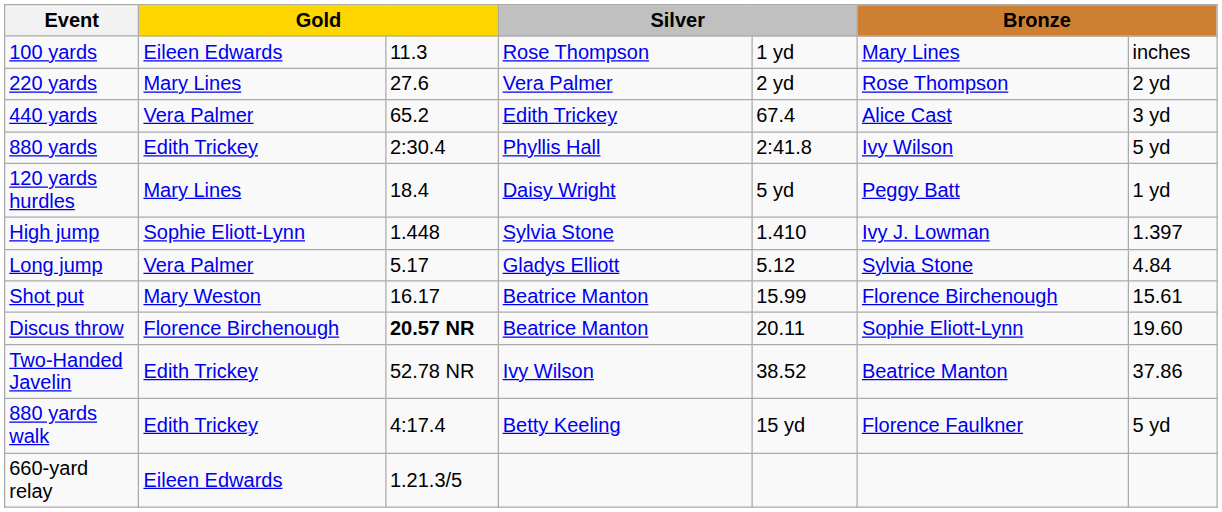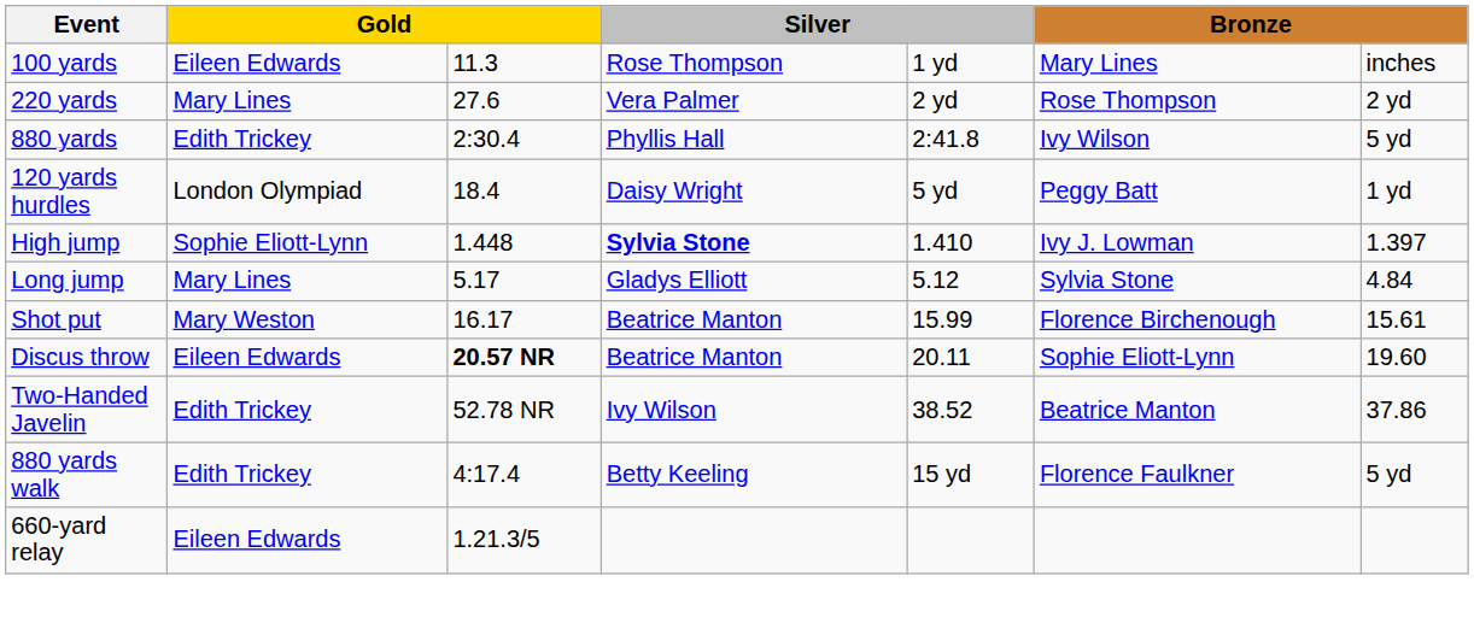 <table class="wikitable" style="text-align:left">
 <tr>
 <th width=100>Event</th>
 <th colspan="2" width="280" style="background:gold;">Gold</th>
 <th colspan="2" width="280" style="background:silver;">Silver</th>
 <th colspan="2" width="280" style="background:#CD7F32;">Bronze</th>
 </tr>
 <tr>
 <td><a href='#'>100 yards</a></td>
 <td><a href='#'>Eileen Edwards</a></td>
 <td>11.3</td>
 <td><a href='#'>Rose Thompson</a></td>
 <td>1 yd</td>
 <td><a href='#'>Mary Lines</a></td>
 <td>inches</td>
 </tr>
 <tr>
 <td><a href='#'>220 yards</a></td>
 <td><a href='#'>Mary Lines</a></td>
 <td>27.6</td>
 <td><a href='#'>Vera Palmer</a></td>
 <td>2 yd</td>
 <td><a href='#'>Rose Thompson</a></td>
 <td>2 yd</td>
 </tr>
 <tr>
-<td><a href='#'>440 yards</a></td>
-<td><a href='#'>Vera Palmer</a></td>
-<td>65.2</td>
-<td><a href='#'>Edith Trickey</a></td>
-<td>67.4</td>
-<td><a href='#'>Alice Cast</a></td>
-<td>3 yd</td>
-</tr>
-<tr>
 <td><a href='#'>880 yards</a></td>
 <td><a href='#'>Edith Trickey</a></td>
 <td>2:30.4</td>
 <td><a href='#'>Phyllis Hall</a></td>
 <td>2:41.8</td>
 <td><a href='#'>Ivy Wilson</a></td>
 <td>5 yd</td>
 </tr>
 <tr>
 <td><a href='#'>120 yards hurdles</a></td>
-<td><a href='#'>Mary Lines</a></td>
+<td>London Olympiad</td>
 <td>18.4</td>
 <td><a href='#'>Daisy Wright</a></td>
 <td>5 yd</td>
 <td><a href='#'>Peggy Batt</a></td>
 <td>1 yd</td>
 </tr>
 <tr>
 <td><a href='#'>High jump</a></td>
 <td><a href='#'>Sophie Eliott-Lynn</a></td>
 <td>1.448</td>
-<td><a href='#'>Sylvia Stone</a></td>
+<td><strong><a href='#'>Sylvia Stone</a></strong></td>
 <td>1.410</td>
 <td><a href='#'>Ivy J. Lowman</a></td>
 <td>1.397</td>
 </tr>
 <tr>
 <td><a href='#'>Long jump</a></td>
-<td><a href='#'>Vera Palmer</a></td>
+<td><a href='#'>Mary Lines</a></td>
 <td>5.17</td>
 <td><a href='#'>Gladys Elliott</a></td>
 <td>5.12</td>
 <td><a href='#'>Sylvia Stone</a></td>
 <td>4.84</td>
 </tr>
 <tr>
 <td><a href='#'>Shot put</a></td>
 <td><a href='#'>Mary Weston</a></td>
 <td>16.17</td>
 <td><a href='#'>Beatrice Manton</a></td>
 <td>15.99</td>
 <td><a href='#'>Florence Birchenough</a></td>
 <td>15.61</td>
 </tr>
 <tr>
 <td><a href='#'>Discus throw</a></td>
-<td><a href='#'>Florence Birchenough</a></td>
+<td><a href='#'>Eileen Edwards</a></td>
 <td><strong>20.57 NR</strong></td>
 <td><a href='#'>Beatrice Manton</a></td>
 <td>20.11</td>
 <td><a href='#'>Sophie Eliott-Lynn</a></td>
 <td>19.60</td>
 </tr>
 <tr>
 <td><a href='#'>Two-Handed Javelin</a></td>
 <td><a href='#'>Edith Trickey</a></td>
 <td>52.78 NR</td>
 <td><a href='#'>Ivy Wilson</a></td>
 <td>38.52</td>
 <td><a href='#'>Beatrice Manton</a></td>
 <td>37.86</td>
 </tr>
 <tr>
 <td><a href='#'>880 yards walk</a></td>
 <td><a href='#'>Edith Trickey</a></td>
 <td>4:17.4</td>
 <td><a href='#'>Betty Keeling</a></td>
 <td>15 yd</td>
 <td><a href='#'>Florence Faulkner</a></td>
 <td>5 yd</td>
 </tr>
 <tr>
 <td>660-yard relay</td>
 <td><a href='#'>Eileen Edwards</a></td>
 <td>1.21.3/5</td>
 <td></td>
 <td></td>
 <td></td>
 <td></td>
 </tr>
 </table>
